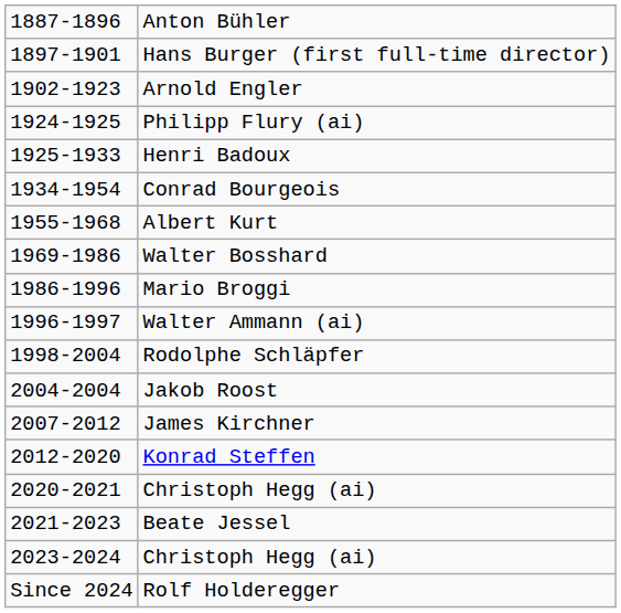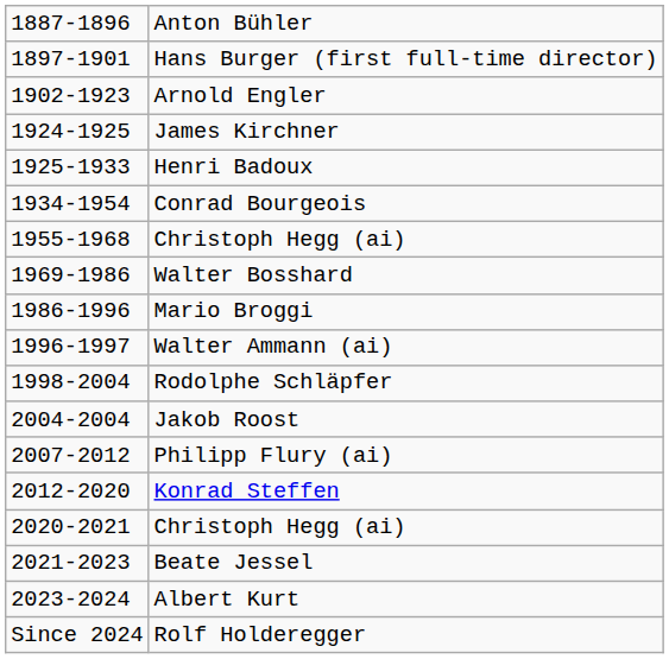 <table class="wikitable">
 <tr>
 <td>1887-1896</td>
 <td>Anton Bühler</td>
 </tr>
 <tr>
 <td>1897-1901</td>
 <td>Hans Burger (first full-time director)</td>
 </tr>
 <tr>
 <td>1902-1923</td>
 <td>Arnold Engler</td>
 </tr>
 <tr>
 <td>1924-1925</td>
-<td>Philipp Flury (ai)</td>
+<td>James Kirchner</td>
 </tr>
 <tr>
 <td>1925-1933</td>
 <td>Henri Badoux</td>
 </tr>
 <tr>
 <td>1934-1954</td>
 <td>Conrad Bourgeois</td>
 </tr>
 <tr>
 <td>1955-1968</td>
-<td>Albert Kurt</td>
+<td>Christoph Hegg (ai)</td>
 </tr>
 <tr>
 <td>1969-1986</td>
 <td>Walter Bosshard</td>
 </tr>
 <tr>
 <td>1986-1996</td>
 <td>Mario Broggi</td>
 </tr>
 <tr>
 <td>1996-1997</td>
 <td>Walter Ammann (ai)</td>
 </tr>
 <tr>
 <td>1998-2004</td>
 <td>Rodolphe Schläpfer</td>
 </tr>
 <tr>
 <td>2004-2004</td>
 <td>Jakob Roost</td>
 </tr>
 <tr>
 <td>2007-2012</td>
-<td>James Kirchner</td>
+<td>Philipp Flury (ai)</td>
 </tr>
 <tr>
 <td>2012-2020</td>
 <td><a href='#'>Konrad Steffen</a></td>
 </tr>
 <tr>
 <td>2020-2021</td>
 <td>Christoph Hegg (ai)</td>
 </tr>
 <tr>
 <td>2021-2023</td>
 <td>Beate Jessel</td>
 </tr>
 <tr>
 <td>2023-2024</td>
-<td>Christoph Hegg (ai)</td>
+<td>Albert Kurt</td>
 </tr>
 <tr>
 <td>Since 2024</td>
 <td>Rolf Holderegger</td>
 </tr>
 </table>
